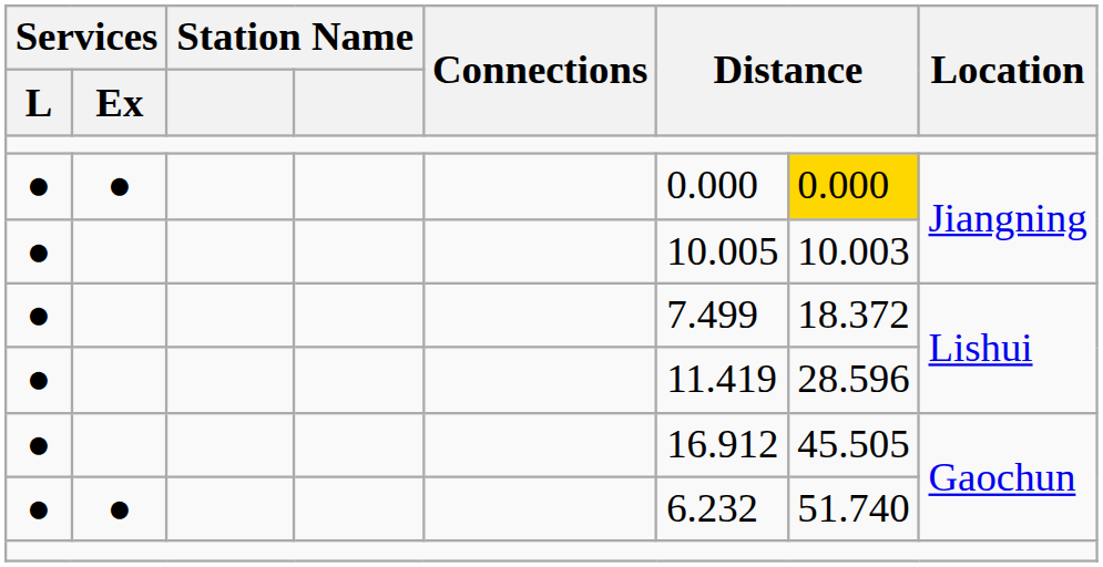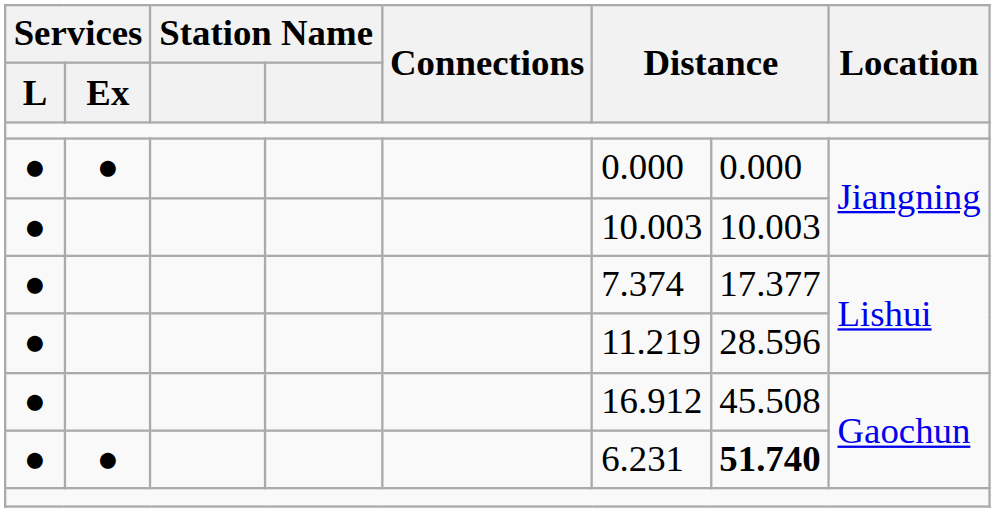 <table class="wikitable">
 <tr>
 <th colspan="2">Services</th>
 <th colspan="2">Station Name</th>
 <th rowspan="2">Connections</th>
 <th colspan="2" rowspan="2">Distance<br></th>
 <th rowspan="2">Location</th>
 </tr>
 <tr>
 <th>L</th>
 <th>Ex</th>
 <th></th>
 <th></th>
 </tr>
 <tr style="background:#">
 <td colspan="8"></td>
 </tr>
 <tr>
 <td align="center">●</td>
 <td align="center">●</td>
 <td></td>
 <td></td>
 <td></td>
 <td>0.000</td>
-<td style="background: gold;">0.000</td>
+<td>0.000</td>
 <td rowspan="2"><a href='#'>Jiangning</a></td>
 </tr>
 <tr>
 <td align="center">●</td>
 <td align="center"></td>
 <td></td>
 <td></td>
 <td></td>
-<td>10.005</td>
+<td>10.003</td>
 <td>10.003</td>
 </tr>
 <tr>
 <td align="center">●</td>
 <td align="center"></td>
 <td></td>
 <td></td>
 <td></td>
-<td>7.499</td>
-<td>18.372</td>
+<td>7.374</td>
+<td>17.377</td>
 <td rowspan="2"><a href='#'>Lishui</a></td>
 </tr>
 <tr>
 <td align="center">●</td>
 <td align="center"></td>
 <td></td>
 <td></td>
 <td></td>
-<td>11.419</td>
+<td>11.219</td>
 <td>28.596</td>
 </tr>
 <tr>
 <td align="center">●</td>
 <td align="center"></td>
 <td></td>
 <td></td>
 <td></td>
 <td>16.912</td>
-<td>45.505</td>
+<td>45.508</td>
 <td rowspan="2"><a href='#'>Gaochun</a></td>
 </tr>
 <tr>
 <td align="center">●</td>
 <td align="center">●</td>
 <td></td>
 <td></td>
 <td></td>
-<td>6.232</td>
-<td>51.740</td>
+<td>6.231</td>
+<td><strong>51.740</strong></td>
 </tr>
 <tr style="background:#">
 <td colspan="8"></td>
 </tr>
 </table>
